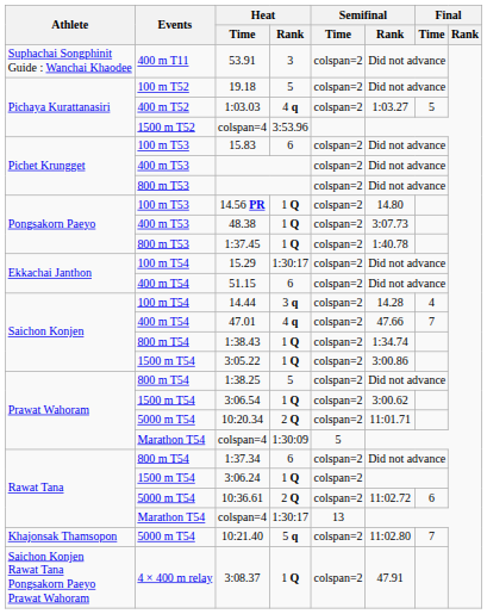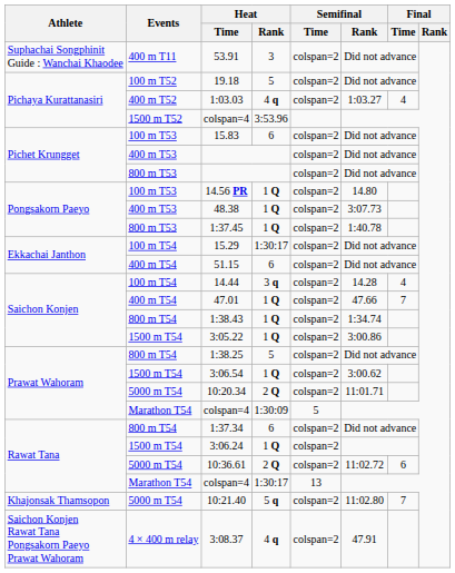 <table class=wikitable style="font-size:90%">
 <tr>
 <th rowspan="2">Athlete</th>
 <th rowspan="2">Events</th>
 <th colspan="2">Heat</th>
 <th colspan="2">Semifinal</th>
 <th colspan="2">Final</th>
 </tr>
 <tr>
 <th>Time</th>
 <th>Rank</th>
 <th>Time</th>
 <th>Rank</th>
 <th>Time</th>
 <th>Rank</th>
 </tr>
 <tr align=center>
 <td align=left><a href='#'>Suphachai Songphinit</a> <br> Guide : <a href='#'>Wanchai Khaodee</a></td>
 <td align=left><a href='#'>400 m T11</a></td>
 <td>53.91</td>
 <td>3</td>
 <td>colspan=2 </td>
 <td colspan=2>Did not advance</td>
 </tr>
 <tr align=center>
 <td align=left rowspan="3"><a href='#'>Pichaya Kurattanasiri</a></td>
 <td align=left><a href='#'>100 m T52</a></td>
 <td>19.18</td>
 <td>5</td>
 <td>colspan=2 </td>
 <td colspan=2>Did not advance</td>
 </tr>
 <tr align=center>
 <td align=left><a href='#'>400 m T52</a></td>
 <td>1:03.03</td>
 <td>4 <strong>q</strong></td>
 <td>colspan=2 </td>
 <td>1:03.27</td>
-<td>5</td>
+<td>4</td>
 </tr>
 <tr align=center>
 <td align=left><a href='#'>1500 m T52</a></td>
 <td>colspan=4 </td>
 <td>3:53.96</td>
 <td></td>
 </tr>
 <tr align=center>
 <td align=left rowspan="3"><a href='#'>Pichet Krungget</a></td>
 <td align=left><a href='#'>100 m T53</a></td>
 <td>15.83</td>
 <td>6</td>
 <td>colspan=2 </td>
 <td colspan=2>Did not advance</td>
 </tr>
 <tr align=center>
 <td align=left><a href='#'>400 m T53</a></td>
 <td colspan=2></td>
 <td>colspan=2 </td>
 <td colspan=2>Did not advance</td>
 </tr>
 <tr align=center>
 <td align=left><a href='#'>800 m T53</a></td>
 <td colspan=2></td>
 <td>colspan=2 </td>
 <td colspan=2>Did not advance</td>
 </tr>
 <tr align=center>
 <td align=left rowspan="3"><a href='#'>Pongsakorn Paeyo</a></td>
 <td align=left><a href='#'>100 m T53</a></td>
 <td>14.56 <strong><a href='#'>PR</a></strong></td>
 <td>1 <strong>Q</strong></td>
 <td>colspan=2 </td>
 <td>14.80</td>
 <td></td>
 </tr>
 <tr align=center>
 <td align=left><a href='#'>400 m T53</a></td>
 <td>48.38</td>
 <td>1 <strong>Q</strong></td>
 <td>colspan=2 </td>
 <td>3:07.73</td>
 <td></td>
 </tr>
 <tr align=center>
 <td align=left><a href='#'>800 m T53</a></td>
 <td>1:37.45</td>
 <td>1 <strong>Q</strong></td>
 <td>colspan=2 </td>
 <td>1:40.78</td>
 <td></td>
 </tr>
 <tr align=center>
 <td align=left rowspan="2"><a href='#'>Ekkachai Janthon</a></td>
 <td align=left><a href='#'>100 m T54</a></td>
 <td>15.29</td>
 <td>1:30:17</td>
 <td>colspan=2 </td>
 <td colspan=2>Did not advance</td>
 </tr>
 <tr align=center>
 <td align=left><a href='#'>400 m T54</a></td>
 <td>51.15</td>
 <td>6</td>
 <td>colspan=2 </td>
 <td colspan=2>Did not advance</td>
 </tr>
 <tr align=center>
 <td align=left rowspan="4"><a href='#'>Saichon Konjen</a></td>
 <td align=left><a href='#'>100 m T54</a></td>
 <td>14.44</td>
 <td>3 <strong>q</strong></td>
 <td>colspan=2 </td>
 <td>14.28</td>
 <td>4</td>
 </tr>
 <tr align=center>
 <td align=left><a href='#'>400 m T54</a></td>
 <td>47.01</td>
-<td>4 <strong>q</strong></td>
+<td>1 <strong>Q</strong></td>
 <td>colspan=2 </td>
 <td>47.66</td>
 <td>7</td>
 </tr>
 <tr align=center>
 <td align=left><a href='#'>800 m T54</a></td>
 <td>1:38.43</td>
 <td>1 <strong>Q</strong></td>
 <td>colspan=2 </td>
 <td>1:34.74</td>
 <td></td>
 </tr>
 <tr align=center>
 <td align=left><a href='#'>1500 m T54</a></td>
 <td>3:05.22</td>
 <td>1 <strong>Q</strong></td>
 <td>colspan=2 </td>
 <td>3:00.86</td>
 <td></td>
 </tr>
 <tr align=center>
 <td align=left rowspan="4"><a href='#'>Prawat Wahoram</a></td>
 <td align=left><a href='#'>800 m T54</a></td>
 <td>1:38.25</td>
 <td>5</td>
 <td>colspan=2 </td>
 <td colspan=2>Did not advance</td>
 </tr>
 <tr align=center>
 <td align=left><a href='#'>1500 m T54</a></td>
 <td>3:06.54</td>
 <td>1 <strong>Q</strong></td>
 <td>colspan=2 </td>
 <td>3:00.62</td>
 <td></td>
 </tr>
 <tr align=center>
 <td align=left><a href='#'>5000 m T54</a></td>
 <td>10:20.34</td>
 <td>2 <strong>Q</strong></td>
 <td>colspan=2 </td>
 <td>11:01.71</td>
 <td></td>
 </tr>
 <tr align=center>
 <td align=left><a href='#'>Marathon T54</a></td>
 <td>colspan=4 </td>
 <td>1:30:09</td>
 <td>5</td>
 </tr>
 <tr align=center>
 <td align=left rowspan="4"><a href='#'>Rawat Tana</a></td>
 <td align=left><a href='#'>800 m T54</a></td>
 <td>1:37.34</td>
 <td>6</td>
 <td>colspan=2 </td>
 <td colspan=2>Did not advance</td>
 </tr>
 <tr align=center>
 <td align=left><a href='#'>1500 m T54</a></td>
 <td>3:06.24</td>
 <td>1 <strong>Q</strong></td>
 <td>colspan=2 </td>
 <td colspan=2></td>
 </tr>
 <tr align=center>
 <td align=left><a href='#'>5000 m T54</a></td>
 <td>10:36.61</td>
 <td>2 <strong>Q</strong></td>
 <td>colspan=2 </td>
 <td>11:02.72</td>
 <td>6</td>
 </tr>
 <tr align=center>
 <td align=left><a href='#'>Marathon T54</a></td>
 <td>colspan=4 </td>
 <td>1:30:17</td>
 <td>13</td>
 </tr>
 <tr align=center>
 <td align=left><a href='#'>Khajonsak Thamsopon</a></td>
 <td align=left><a href='#'>5000 m T54</a></td>
 <td>10:21.40</td>
 <td>5 <strong>q</strong></td>
 <td>colspan=2 </td>
 <td>11:02.80</td>
 <td>7</td>
 </tr>
 <tr align=center>
 <td align=left><a href='#'>Saichon Konjen</a> <br> <a href='#'>Rawat Tana</a> <br> <a href='#'>Pongsakorn Paeyo</a>  <br> <a href='#'>Prawat Wahoram</a></td>
 <td align=left><a href='#'>4 × 400 m relay</a></td>
 <td>3:08.37</td>
-<td>1 <strong>Q</strong></td>
+<td>4 <strong>q</strong></td>
 <td>colspan=2 </td>
 <td>47.91</td>
 <td></td>
 </tr>
 </table>
